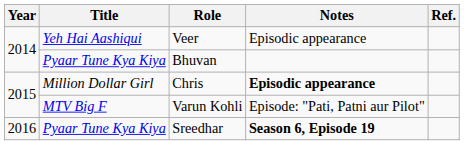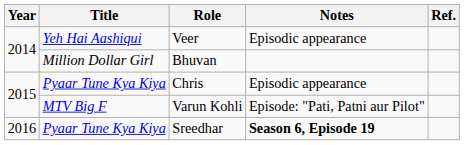 <table class="wikitable sortable">
 <tr>
 <th>Year</th>
 <th>Title</th>
 <th>Role</th>
 <th>Notes</th>
 <th>Ref.</th>
 </tr>
 <tr>
 <td rowspan="2">2014</td>
 <td><em><a href='#'>Yeh Hai Aashiqui</a></em></td>
 <td>Veer</td>
 <td>Episodic appearance</td>
 <td></td>
 </tr>
 <tr>
-<td><em><a href='#'>Pyaar Tune Kya Kiya</a></em></td>
+<td><em>Million Dollar Girl</em></td>
 <td>Bhuvan</td>
 <td></td>
 <td></td>
 </tr>
 <tr>
 <td rowspan="2">2015</td>
-<td><em>Million Dollar Girl</em></td>
+<td><em><a href='#'>Pyaar Tune Kya Kiya</a></em></td>
 <td>Chris</td>
-<td><strong>Episodic appearance</strong></td>
+<td>Episodic appearance</td>
 <td></td>
 </tr>
 <tr>
 <td><em><a href='#'>MTV Big F</a></em></td>
 <td>Varun Kohli</td>
 <td>Episode: "Pati, Patni aur Pilot"</td>
 <td></td>
 </tr>
 <tr>
 <td>2016</td>
 <td><em><a href='#'>Pyaar Tune Kya Kiya</a></em></td>
 <td>Sreedhar</td>
 <td><strong>Season 6, Episode 19</strong></td>
 <td></td>
 </tr>
 </table>
